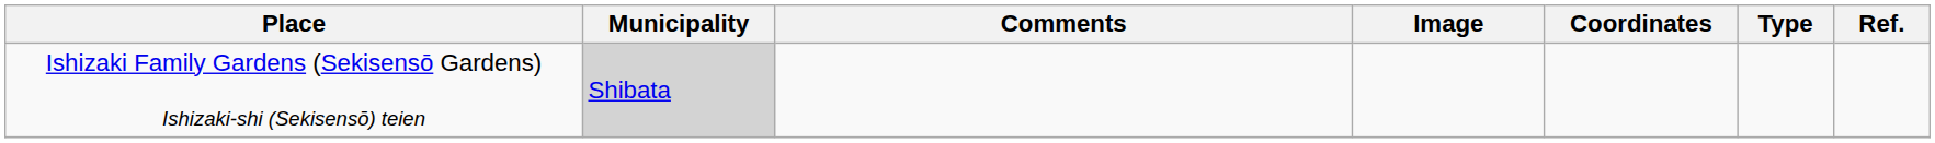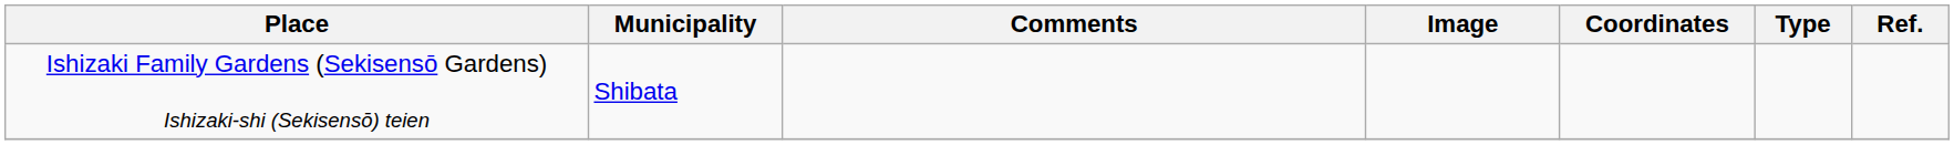 <table class="wikitable sortable"  style="width:100%;">
 <tr>
 <th width="30%" align="left">Place</th>
 <th width="10%" align="left">Municipality</th>
 <th width="30%" align="left" class="unsortable">Comments</th>
 <th width="10%" align="left"  class="unsortable">Image</th>
 <th width="10%" align="left" class="unsortable">Coordinates</th>
 <th width="5%" align="left">Type</th>
 <th width="5%" align="left"  class="unsortable">Ref.</th>
 </tr>
 <tr>
 <td align="center"><a href='#'>Ishizaki Family Gardens</a> (<a href='#'>Sekisensō</a> Gardens)<br><br><small><em>Ishizaki-shi (Sekisensō) teien</em></small></td>
-<td style="background: lightgrey;"><a href='#'>Shibata</a></td>
+<td><a href='#'>Shibata</a></td>
 <td></td>
 <td></td>
 <td></td>
 <td></td>
 <td></td>
 </tr>
 <tr>
 </tr>
 </table>
